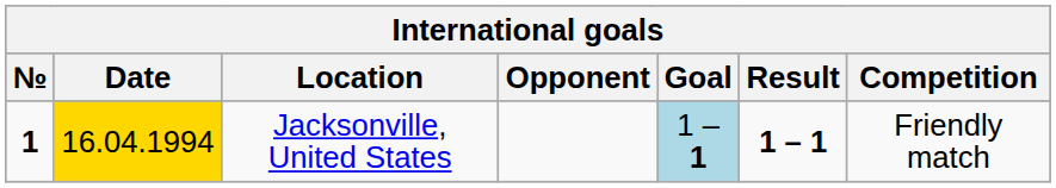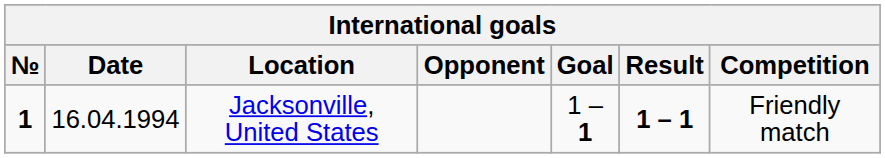 <table class="wikitable" style=" text-align:center; font-size:92%;" width="57%">
 <tr>
 <th colspan=7>International goals</th>
 </tr>
 <tr>
 <th>№</th>
 <th>Date</th>
 <th>Location</th>
 <th>Opponent</th>
 <th>Goal</th>
 <th>Result</th>
 <th>Competition</th>
 </tr>
 <tr>
 <td><strong>1</strong></td>
-<td style="background: gold;">16.04.1994</td>
+<td>16.04.1994</td>
 <td><a href='#'>Jacksonville</a>, <a href='#'>United States</a></td>
 <td></td>
-<td style="background: lightblue;">1 – <strong>1</strong> </td>
+<td>1 – <strong>1</strong> </td>
 <td><strong>1 – 1</strong></td>
 <td>Friendly match</td>
 </tr>
 </table>
